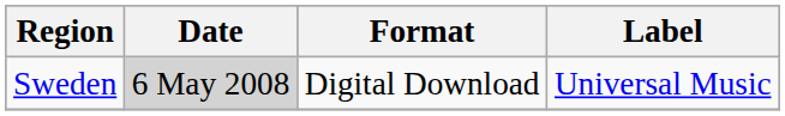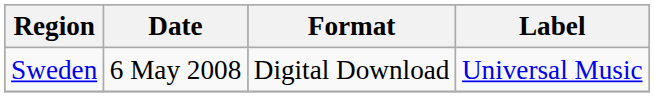 <table class=wikitable>
 <tr>
 <th>Region</th>
 <th>Date</th>
 <th>Format</th>
 <th>Label</th>
 </tr>
 <tr>
 <td><a href='#'>Sweden</a></td>
-<td style="background: lightgrey;">6 May 2008</td>
+<td>6 May 2008</td>
 <td>Digital Download</td>
 <td><a href='#'>Universal Music</a></td>
 </tr>
 <tr>
 </tr>
 </table>
